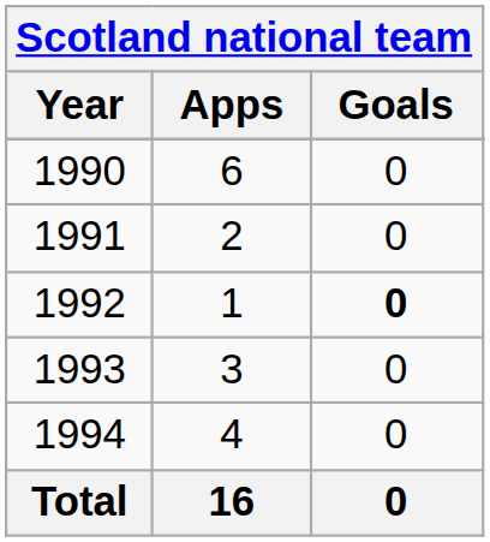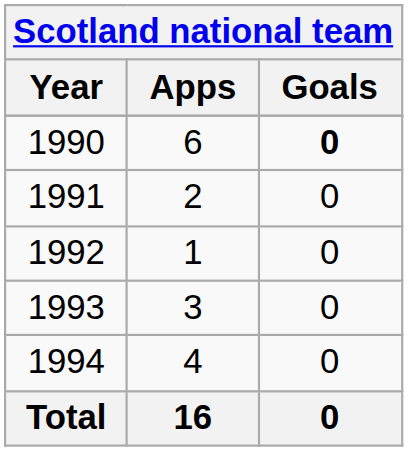 <table class="wikitable" style="text-align:center">
 <tr>
 <th colspan=3><a href='#'>Scotland national team</a></th>
 </tr>
 <tr>
 <th>Year</th>
 <th>Apps</th>
 <th>Goals</th>
 </tr>
 <tr>
 </tr>
 <tr>
 <td>1990</td>
 <td>6</td>
-<td>0</td>
+<td><strong>0</strong></td>
 </tr>
 <tr>
 <td>1991</td>
 <td>2</td>
 <td>0</td>
 </tr>
 <tr>
 <td>1992</td>
 <td>1</td>
-<td><strong>0</strong></td>
+<td>0</td>
 </tr>
 <tr>
 <td>1993</td>
 <td>3</td>
 <td>0</td>
 </tr>
 <tr>
 <td>1994</td>
 <td>4</td>
 <td>0</td>
 </tr>
 <tr>
 <th>Total</th>
 <th>16</th>
 <th>0</th>
 </tr>
 </table>
